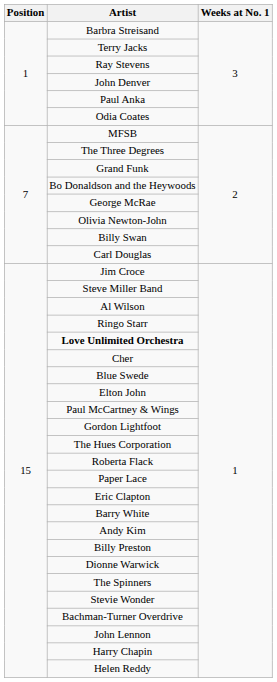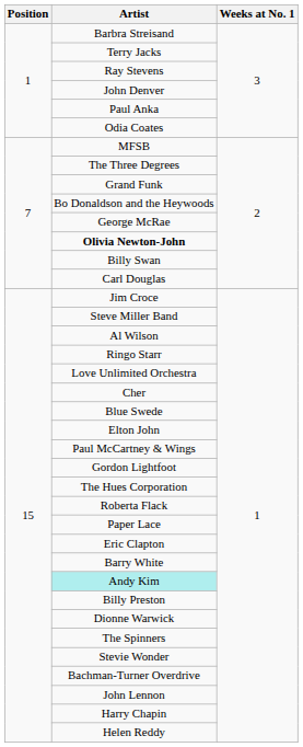 <table class="wikitable plainrowheaders" style="text-align:center;">
 <tr>
 <th>Position</th>
 <th>Artist</th>
 <th>Weeks at No. 1</th>
 </tr>
 <tr>
 <td rowspan=6>1</td>
 <td>Barbra Streisand</td>
 <td rowspan=6>3</td>
 </tr>
 <tr>
 <td>Terry Jacks</td>
 </tr>
 <tr>
 <td>Ray Stevens</td>
 </tr>
 <tr>
 <td>John Denver</td>
 </tr>
 <tr>
 <td>Paul Anka</td>
 </tr>
 <tr>
 <td>Odia Coates</td>
 </tr>
 <tr>
 <td rowspan=8>7</td>
 <td>MFSB</td>
 <td rowspan=8>2</td>
 </tr>
 <tr>
 <td>The Three Degrees</td>
 </tr>
 <tr>
 <td>Grand Funk</td>
 </tr>
 <tr>
 <td>Bo Donaldson and the Heywoods</td>
 </tr>
 <tr>
 <td>George McRae</td>
 </tr>
 <tr>
-<td>Olivia Newton-John</td>
+<td><strong>Olivia Newton-John</strong></td>
 </tr>
 <tr>
 <td>Billy Swan</td>
 </tr>
 <tr>
 <td>Carl Douglas</td>
 </tr>
 <tr>
 <td rowspan=24>15</td>
 <td>Jim Croce</td>
 <td rowspan=24>1</td>
 </tr>
 <tr>
 <td>Steve Miller Band</td>
 </tr>
 <tr>
 <td>Al Wilson</td>
 </tr>
 <tr>
 <td>Ringo Starr</td>
 </tr>
 <tr>
-<td><strong>Love Unlimited Orchestra</strong></td>
+<td>Love Unlimited Orchestra</td>
 </tr>
 <tr>
 <td>Cher</td>
 </tr>
 <tr>
 <td>Blue Swede</td>
 </tr>
 <tr>
 <td>Elton John</td>
 </tr>
 <tr>
 <td>Paul McCartney & Wings</td>
 </tr>
 <tr>
 <td>Gordon Lightfoot</td>
 </tr>
 <tr>
 <td>The Hues Corporation</td>
 </tr>
 <tr>
 <td>Roberta Flack</td>
 </tr>
 <tr>
 <td>Paper Lace</td>
 </tr>
 <tr>
 <td>Eric Clapton</td>
 </tr>
 <tr>
 <td>Barry White</td>
 </tr>
 <tr>
-<td>Andy Kim</td>
+<td style="background: paleturquoise;">Andy Kim</td>
 </tr>
 <tr>
 <td>Billy Preston</td>
 </tr>
 <tr>
 <td>Dionne Warwick</td>
 </tr>
 <tr>
 <td>The Spinners</td>
 </tr>
 <tr>
 <td>Stevie Wonder</td>
 </tr>
 <tr>
 <td>Bachman-Turner Overdrive</td>
 </tr>
 <tr>
 <td>John Lennon</td>
 </tr>
 <tr>
 <td>Harry Chapin</td>
 </tr>
 <tr>
 <td>Helen Reddy</td>
 </tr>
 </table>
